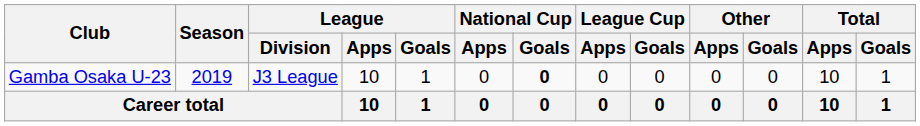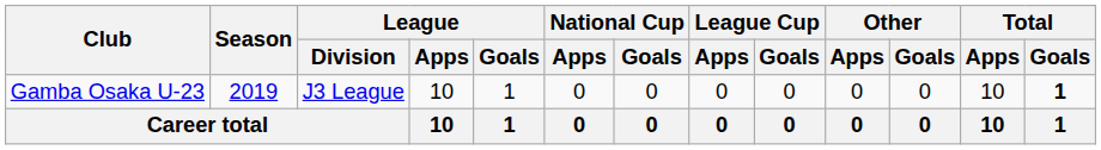 <table class="wikitable" style="text-align: center">
 <tr>
 <th rowspan="2">Club</th>
 <th rowspan="2">Season</th>
 <th colspan="3">League</th>
 <th colspan="2">National Cup</th>
 <th colspan="2">League Cup</th>
 <th colspan="2">Other</th>
 <th colspan="2">Total</th>
 </tr>
 <tr>
 <th>Division</th>
 <th>Apps</th>
 <th>Goals</th>
 <th>Apps</th>
 <th>Goals</th>
 <th>Apps</th>
 <th>Goals</th>
 <th>Apps</th>
 <th>Goals</th>
 <th>Apps</th>
 <th>Goals</th>
 </tr>
 <tr>
 <td><a href='#'>Gamba Osaka U-23</a></td>
 <td><a href='#'>2019</a></td>
 <td><a href='#'>J3 League</a></td>
 <td>10</td>
 <td>1</td>
 <td>0</td>
-<td><strong>0</strong></td>
+<td>0</td>
 <td>0</td>
 <td>0</td>
 <td>0</td>
 <td>0</td>
 <td>10</td>
-<td>1</td>
+<td><strong>1</strong></td>
 </tr>
 <tr>
 <th colspan=3>Career total</th>
 <th>10</th>
 <th>1</th>
 <th>0</th>
 <th>0</th>
 <th>0</th>
 <th>0</th>
 <th>0</th>
 <th>0</th>
 <th>10</th>
 <th>1</th>
 </tr>
 </table>
